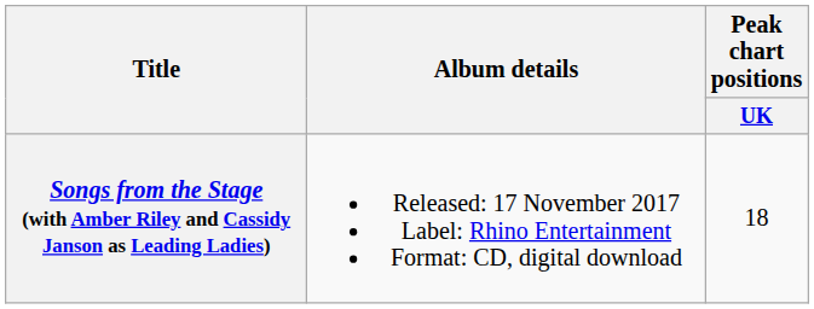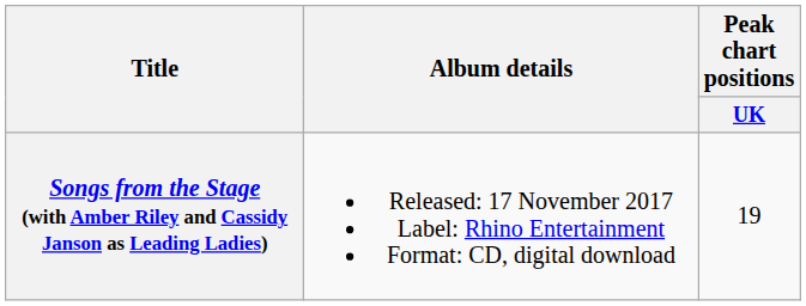 <table class="wikitable plainrowheaders" style=text-align:center;>
 <tr>
 <th scope="col" rowspan="2" style="width:12em;">Title</th>
 <th scope="col" rowspan="2" style="width:16em;">Album details</th>
 <th scope="col" colspan="1">Peak chart positions</th>
 </tr>
 <tr>
 <th style="width:3em;font-size:90%;"><a href='#'>UK</a><br></th>
 </tr>
 <tr>
 <th scope=row><em><a href='#'>Songs from the Stage</a></em><br><small>(with <a href='#'>Amber Riley</a> and <a href='#'>Cassidy Janson</a> as <a href='#'>Leading Ladies</a>)</small></th>
 <td><br><ul><li>Released: 17 November 2017</li><li>Label: <a href='#'>Rhino Entertainment</a></li><li>Format: CD, digital download</li></ul></td>
-<td>18</td>
+<td>19</td>
 </tr>
 </table>
